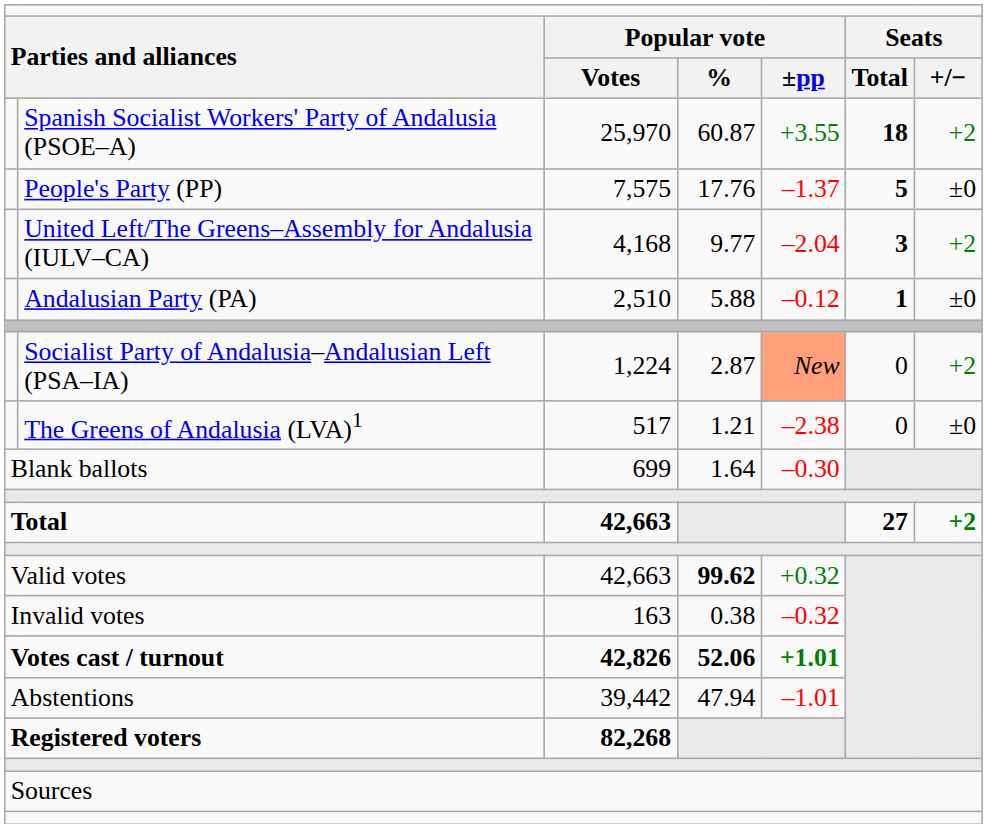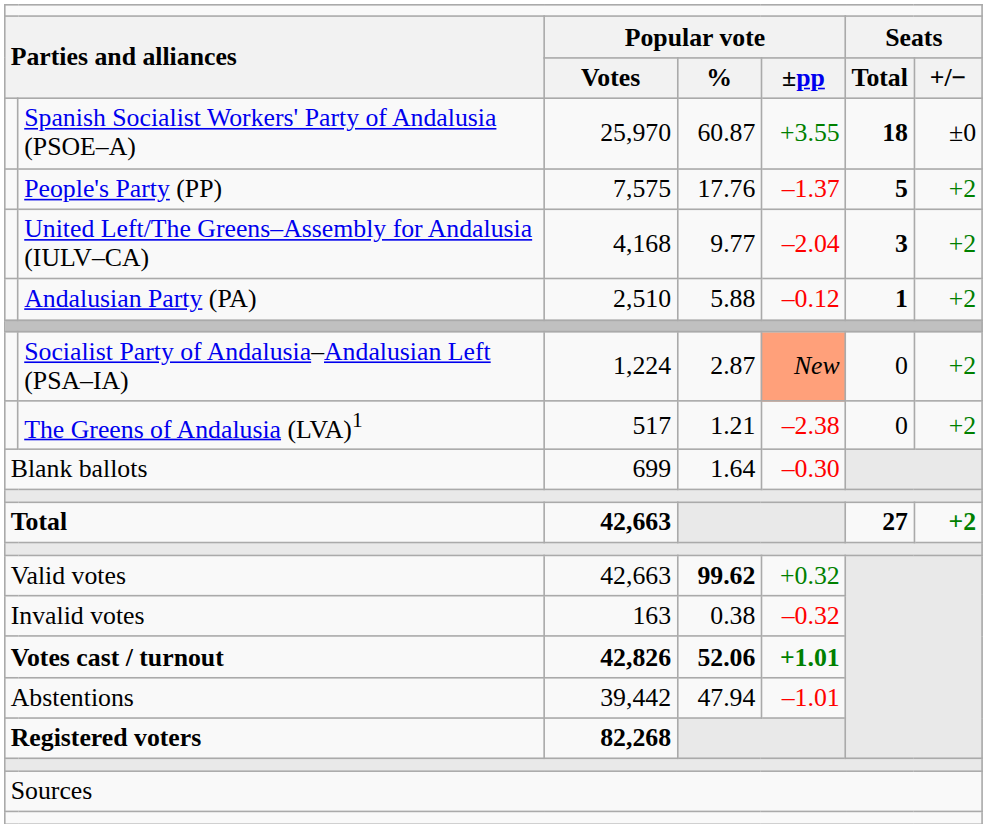 <table class="wikitable" style="text-align:right;">
 <tr>
 <td colspan="7"></td>
 </tr>
 <tr>
 <th style="text-align:left;" rowspan="2" colspan="2" width="525">Parties and alliances</th>
 <th colspan="3">Popular vote</th>
 <th colspan="2">Seats</th>
 </tr>
 <tr>
 <th width="75">Votes</th>
 <th width="45">%</th>
 <th width="45">±<a href='#'>pp</a></th>
 <th width="35">Total</th>
 <th width="35">+/−</th>
 </tr>
 <tr>
 <td width="1" style="color:inherit;background:"></td>
 <td align="left"><a href='#'>Spanish Socialist Workers' Party of Andalusia</a> (PSOE–A)</td>
 <td>25,970</td>
 <td>60.87</td>
 <td style="color:green;">+3.55</td>
 <td><strong>18</strong></td>
-<td style="color:green;">+2</td>
+<td>±0</td>
 </tr>
 <tr>
 <td style="color:inherit;background:"></td>
 <td align="left"><a href='#'>People's Party</a> (PP)</td>
 <td>7,575</td>
 <td>17.76</td>
 <td style="color:red;">–1.37</td>
 <td><strong>5</strong></td>
-<td>±0</td>
+<td style="color:green;">+2</td>
 </tr>
 <tr>
 <td style="color:inherit;background:"></td>
 <td align="left"><a href='#'>United Left/The Greens–Assembly for Andalusia</a> (IULV–CA)</td>
 <td>4,168</td>
 <td>9.77</td>
 <td style="color:red;">–2.04</td>
 <td><strong>3</strong></td>
 <td style="color:green;">+2</td>
 </tr>
 <tr>
 <td style="color:inherit;background:"></td>
 <td align="left"><a href='#'>Andalusian Party</a> (PA)</td>
 <td>2,510</td>
 <td>5.88</td>
 <td style="color:red;">–0.12</td>
 <td><strong>1</strong></td>
-<td>±0</td>
+<td style="color:green;">+2</td>
 </tr>
 <tr>
 <td colspan="7" bgcolor="#C0C0C0"></td>
 </tr>
 <tr>
 <td style="color:inherit;background:"></td>
 <td align="left"><a href='#'>Socialist Party of Andalusia</a>–<a href='#'>Andalusian Left</a> (PSA–IA)</td>
 <td>1,224</td>
 <td>2.87</td>
 <td style="background: lightsalmon;"><em>New</em></td>
 <td>0</td>
 <td style="color:green;">+2</td>
 </tr>
 <tr>
 <td style="color:inherit;background:"></td>
 <td align="left"><a href='#'>The Greens of Andalusia</a> (LVA)<sup>1</sup></td>
 <td>517</td>
 <td>1.21</td>
 <td style="color:red;">–2.38</td>
 <td>0</td>
-<td>±0</td>
+<td style="color:green;">+2</td>
 </tr>
 <tr>
 <td align="left" colspan="2">Blank ballots</td>
 <td>699</td>
 <td>1.64</td>
 <td style="color:red;">–0.30</td>
 <td bgcolor="#E9E9E9" colspan="2"></td>
 </tr>
 <tr>
 <td colspan="7" bgcolor="#E9E9E9"></td>
 </tr>
 <tr style="font-weight:bold;">
 <td align="left" colspan="2">Total</td>
 <td>42,663</td>
 <td bgcolor="#E9E9E9" colspan="2"></td>
 <td>27</td>
 <td style="color:green;">+2</td>
 </tr>
 <tr>
 <td colspan="7" bgcolor="#E9E9E9"></td>
 </tr>
 <tr>
 <td align="left" colspan="2">Valid votes</td>
 <td>42,663</td>
 <td><strong>99.62</strong></td>
 <td style="color:green;">+0.32</td>
 <td bgcolor="#E9E9E9" colspan="2" rowspan="5"></td>
 </tr>
 <tr>
 <td align="left" colspan="2">Invalid votes</td>
 <td>163</td>
 <td>0.38</td>
 <td style="color:red;">–0.32</td>
 </tr>
 <tr style="font-weight:bold;">
 <td align="left" colspan="2">Votes cast / turnout</td>
 <td>42,826</td>
 <td>52.06</td>
 <td style="color:green;">+1.01</td>
 </tr>
 <tr>
 <td align="left" colspan="2">Abstentions</td>
 <td>39,442</td>
 <td>47.94</td>
 <td style="color:red;">–1.01</td>
 </tr>
 <tr style="font-weight:bold;">
 <td align="left" colspan="2">Registered voters</td>
 <td>82,268</td>
 <td bgcolor="#E9E9E9" colspan="2"></td>
 </tr>
 <tr>
 <td colspan="7" bgcolor="#E9E9E9"></td>
 </tr>
 <tr>
 <td align="left" colspan="7">Sources</td>
 </tr>
 <tr>
 <td colspan="7" style="text-align:left; max-width:790px;"></td>
 </tr>
 </table>
